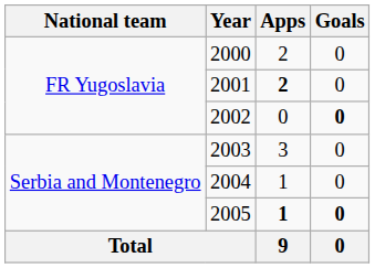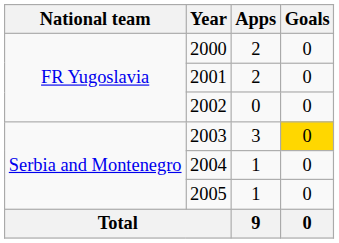 <table class="wikitable" style="text-align:center">
 <tr>
 <th>National team</th>
 <th>Year</th>
 <th>Apps</th>
 <th>Goals</th>
 </tr>
 <tr>
 <td rowspan="3"><a href='#'>FR Yugoslavia</a></td>
 <td>2000</td>
 <td>2</td>
 <td>0</td>
 </tr>
 <tr>
 <td>2001</td>
-<td><strong>2</strong></td>
+<td>2</td>
 <td>0</td>
 </tr>
 <tr>
 <td>2002</td>
 <td>0</td>
-<td><strong>0</strong></td>
+<td>0</td>
 </tr>
 <tr>
 <td rowspan="3"><a href='#'>Serbia and Montenegro</a></td>
 <td>2003</td>
 <td>3</td>
-<td>0</td>
+<td style="background: gold;">0</td>
 </tr>
 <tr>
 <td>2004</td>
 <td>1</td>
 <td>0</td>
 </tr>
 <tr>
 <td>2005</td>
-<td><strong>1</strong></td>
-<td><strong>0</strong></td>
+<td>1</td>
+<td>0</td>
 </tr>
 <tr>
 <th colspan="2">Total</th>
 <th>9</th>
 <th>0</th>
 </tr>
 </table>
